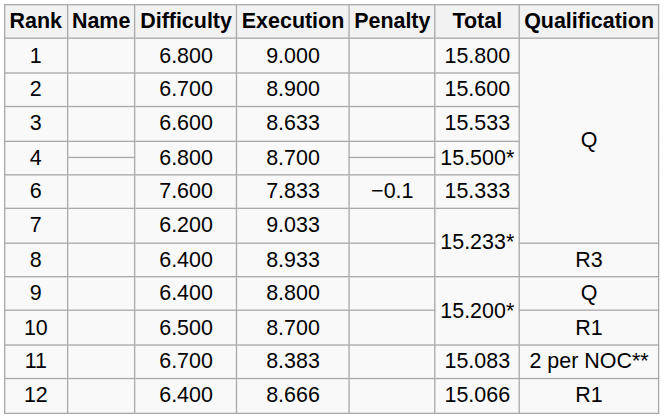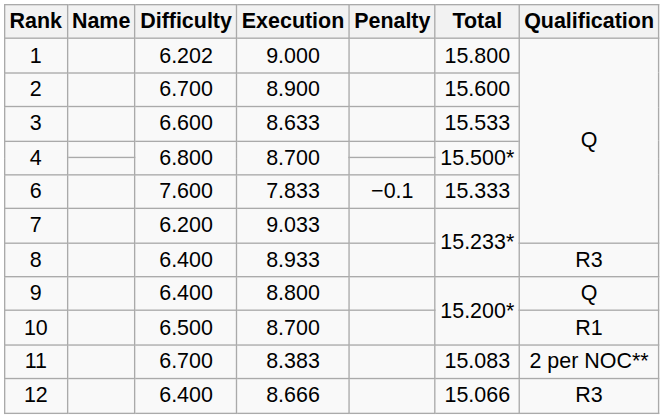 <table class="wikitable sortable" style="text-align:center">
 <tr>
 <th>Rank</th>
 <th>Name</th>
 <th>Difficulty</th>
 <th>Execution</th>
 <th>Penalty</th>
 <th>Total</th>
 <th>Qualification</th>
 </tr>
 <tr>
 <td>1</td>
 <td align=left></td>
-<td>6.800</td>
+<td>6.202</td>
 <td>9.000</td>
 <td></td>
 <td>15.800</td>
 <td rowspan="7">Q</td>
 </tr>
 <tr>
 <td>2</td>
 <td align=left></td>
 <td>6.700</td>
 <td>8.900</td>
 <td></td>
 <td>15.600</td>
 </tr>
 <tr>
 <td>3</td>
 <td align=left></td>
 <td>6.600</td>
 <td>8.633</td>
 <td></td>
 <td>15.533</td>
 </tr>
 <tr>
 <td rowspan="2">4</td>
 <td align=left></td>
 <td rowspan="2">6.800</td>
 <td rowspan="2">8.700</td>
 <td></td>
 <td rowspan="2">15.500*</td>
 </tr>
 <tr>
 <td align=left></td>
 <td></td>
 </tr>
 <tr>
 <td>6</td>
 <td align=left></td>
 <td>7.600</td>
 <td>7.833</td>
 <td>−0.1</td>
 <td>15.333</td>
 </tr>
 <tr>
 <td>7</td>
 <td align=left></td>
 <td>6.200</td>
 <td>9.033</td>
 <td></td>
 <td rowspan="2">15.233*</td>
 </tr>
 <tr>
 <td>8</td>
 <td align=left></td>
 <td>6.400</td>
 <td>8.933</td>
 <td></td>
 <td>R3</td>
 </tr>
 <tr>
 <td>9</td>
 <td align=left></td>
 <td>6.400</td>
 <td>8.800</td>
 <td></td>
 <td rowspan="2">15.200*</td>
 <td>Q</td>
 </tr>
 <tr>
 <td>10</td>
 <td align=left></td>
 <td>6.500</td>
 <td>8.700</td>
 <td></td>
 <td>R1</td>
 </tr>
 <tr>
 <td>11</td>
 <td align=left></td>
 <td>6.700</td>
 <td>8.383</td>
 <td></td>
 <td>15.083</td>
 <td>2 per NOC**</td>
 </tr>
 <tr>
 <td>12</td>
 <td align=left></td>
 <td>6.400</td>
 <td>8.666</td>
 <td></td>
 <td>15.066</td>
-<td>R1</td>
+<td>R3</td>
 </tr>
 </table>
